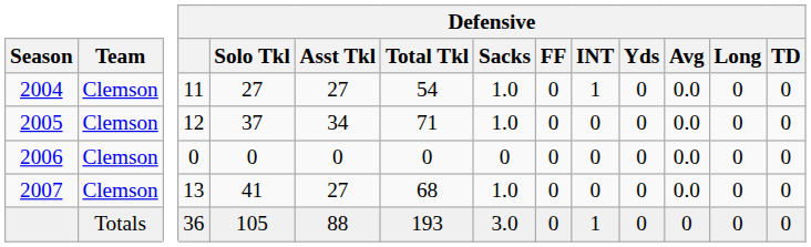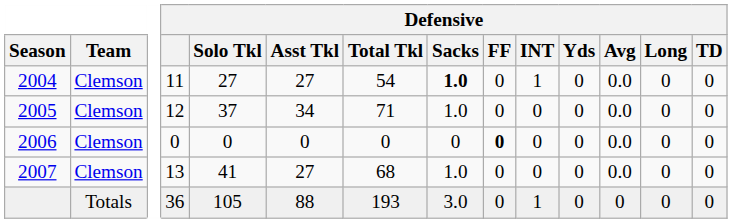 <table class="wikitable" style="text-align:center">
 <tr>
 <th colspan=2 style="background:#fff; border-color:#fff #fff #aaa #fff"> </th>
 <th rowspan=99 style="background:#fff; border-color:#fff #aaa"> </th>
 <th colspan=11>Defensive</th>
 </tr>
 <tr>
 <th>Season</th>
 <th>Team</th>
 <th></th>
 <th align="center">Solo Tkl</th>
 <th>Asst Tkl</th>
 <th>Total Tkl</th>
 <th>Sacks</th>
 <th>FF</th>
 <th align="center">INT</th>
 <th>Yds</th>
 <th>Avg</th>
 <th align="center">Long</th>
 <th>TD</th>
 </tr>
 <tr>
 <td><a href='#'>2004</a></td>
 <td><a href='#'>Clemson</a></td>
 <td>11</td>
 <td>27</td>
 <td>27</td>
 <td>54</td>
-<td>1.0</td>
+<td><strong>1.0</strong></td>
 <td>0</td>
 <td>1</td>
 <td>0</td>
 <td>0.0</td>
 <td>0</td>
 <td>0</td>
 </tr>
 <tr>
 <td><a href='#'>2005</a></td>
 <td><a href='#'>Clemson</a></td>
 <td>12</td>
 <td>37</td>
 <td>34</td>
 <td>71</td>
 <td>1.0</td>
 <td>0</td>
 <td>0</td>
 <td>0</td>
 <td>0.0</td>
 <td>0</td>
 <td>0</td>
 </tr>
 <tr>
 <td><a href='#'>2006</a></td>
 <td><a href='#'>Clemson</a></td>
 <td>0</td>
 <td>0</td>
 <td>0</td>
 <td>0</td>
 <td>0</td>
-<td>0</td>
+<td><strong>0</strong></td>
 <td>0</td>
 <td>0</td>
 <td>0.0</td>
 <td>0</td>
 <td>0</td>
 </tr>
 <tr>
 <td><a href='#'>2007</a></td>
 <td><a href='#'>Clemson</a></td>
 <td>13</td>
 <td>41</td>
 <td>27</td>
 <td>68</td>
 <td>1.0</td>
 <td>0</td>
 <td>0</td>
 <td>0</td>
 <td>0.0</td>
 <td>0</td>
 <td>0</td>
 </tr>
 <tr style="background:#f0f0f0;">
 <td></td>
 <td>Totals</td>
 <td>36</td>
 <td>105</td>
 <td>88</td>
 <td>193</td>
 <td>3.0</td>
 <td>0</td>
 <td>1</td>
 <td>0</td>
 <td>0</td>
 <td>0</td>
 <td>0</td>
 </tr>
 </table>
